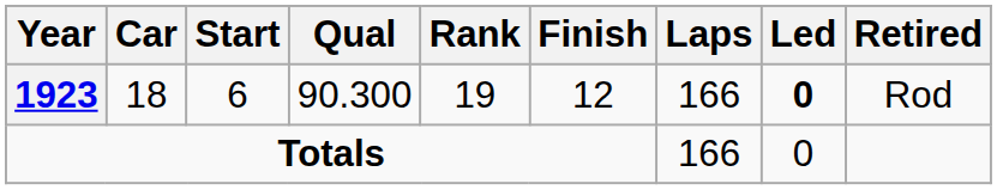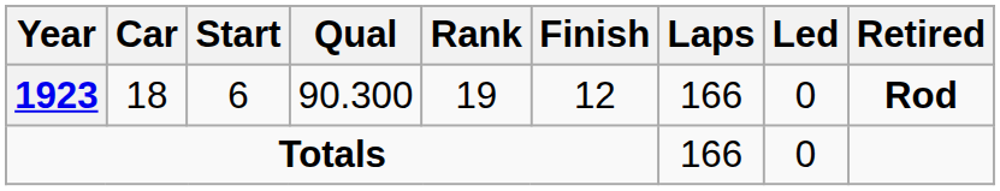 <table class="wikitable" style="text-align:center">
 <tr>
 <th>Year</th>
 <th>Car</th>
 <th>Start</th>
 <th>Qual</th>
 <th>Rank</th>
 <th>Finish</th>
 <th>Laps</th>
 <th>Led</th>
 <th>Retired</th>
 </tr>
 <tr>
 <th><a href='#'>1923</a></th>
 <td>18</td>
 <td>6</td>
 <td>90.300</td>
 <td>19</td>
 <td>12</td>
 <td>166</td>
-<td><strong>0</strong></td>
-<td>Rod</td>
+<td>0</td>
+<td><strong>Rod</strong></td>
 </tr>
 <tr>
 <td colspan=6><strong>Totals</strong></td>
 <td>166</td>
 <td>0</td>
 <td></td>
 </tr>
 </table>
